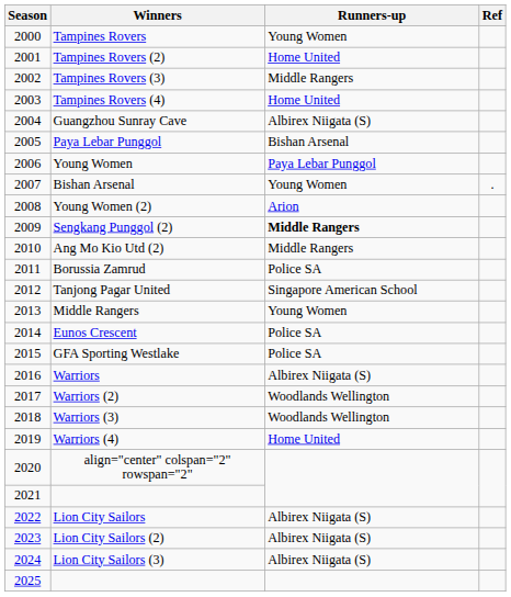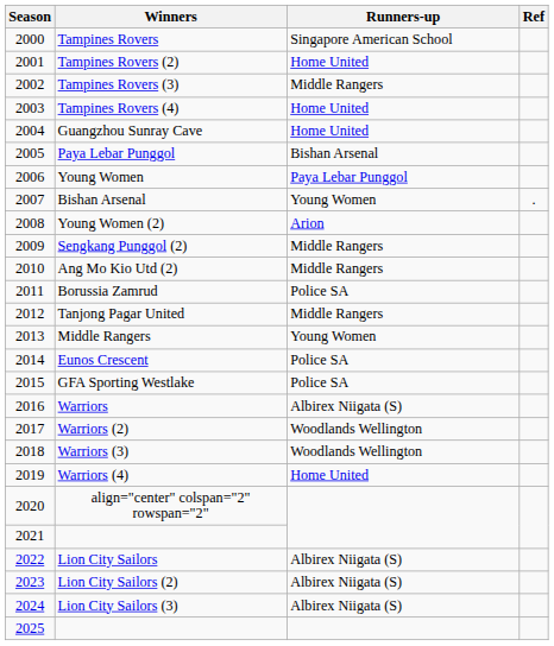 <table class="wikitable" style="text-align:center">
 <tr>
 <th width="35">Season</th>
 <th style="width:250px;">Winners</th>
 <th style="width:250px;">Runners-up</th>
 <th>Ref</th>
 </tr>
 <tr>
 <td>2000</td>
 <td align="left"><a href='#'>Tampines Rovers</a></td>
-<td align="left">Young Women</td>
+<td align="left">Singapore American School</td>
 <td></td>
 </tr>
 <tr>
 <td>2001</td>
 <td align="left"><a href='#'>Tampines Rovers</a> (2)</td>
 <td align="left"><a href='#'>Home United</a></td>
 <td></td>
 </tr>
 <tr>
 <td>2002</td>
 <td align="left"><a href='#'>Tampines Rovers</a> (3)</td>
 <td align="left">Middle Rangers</td>
 <td></td>
 </tr>
 <tr>
 <td>2003</td>
 <td align="left"><a href='#'>Tampines Rovers</a> (4)</td>
 <td align="left"><a href='#'>Home United</a></td>
 <td></td>
 </tr>
 <tr>
 <td>2004</td>
 <td align="left">Guangzhou Sunray Cave</td>
-<td align="left">Albirex Niigata (S)</td>
+<td align="left"><a href='#'>Home United</a></td>
 <td></td>
 </tr>
 <tr>
 <td>2005</td>
 <td align="left"><a href='#'>Paya Lebar Punggol</a></td>
 <td align="left">Bishan Arsenal</td>
 <td></td>
 </tr>
 <tr>
 <td>2006</td>
 <td align="left">Young Women</td>
 <td align="left"><a href='#'>Paya Lebar Punggol</a></td>
 <td></td>
 </tr>
 <tr>
 <td>2007</td>
 <td align="left">Bishan Arsenal</td>
 <td align="left">Young Women</td>
 <td>.</td>
 </tr>
 <tr>
 <td>2008</td>
 <td align="left">Young Women (2)</td>
 <td align="left"><a href='#'>Arion</a></td>
 <td></td>
 </tr>
 <tr>
 <td>2009</td>
 <td align="left"><a href='#'>Sengkang Punggol</a> (2)</td>
-<td align="left"><strong>Middle Rangers</strong></td>
+<td align="left">Middle Rangers</td>
 <td></td>
 </tr>
 <tr>
 <td>2010</td>
 <td align="left">Ang Mo Kio Utd (2)</td>
 <td align="left">Middle Rangers</td>
 <td></td>
 </tr>
 <tr>
 <td>2011</td>
 <td align="left">Borussia Zamrud</td>
 <td align="left">Police SA</td>
 <td></td>
 </tr>
 <tr>
 <td>2012</td>
 <td align="left">Tanjong Pagar United</td>
-<td align="left">Singapore American School</td>
+<td align="left">Middle Rangers</td>
 <td></td>
 </tr>
 <tr>
 <td>2013</td>
 <td align="left">Middle Rangers</td>
 <td align="left">Young Women</td>
 <td></td>
 </tr>
 <tr>
 <td>2014</td>
 <td align="left"><a href='#'>Eunos Crescent</a></td>
 <td align="left">Police SA</td>
 <td></td>
 </tr>
 <tr>
 <td>2015</td>
 <td align="left">GFA Sporting Westlake</td>
 <td align="left">Police SA</td>
 <td></td>
 </tr>
 <tr>
 <td>2016</td>
 <td align="left"><a href='#'>Warriors</a></td>
 <td align="left">Albirex Niigata (S)</td>
 <td></td>
 </tr>
 <tr>
 <td>2017</td>
 <td align="left"><a href='#'>Warriors</a> (2)</td>
 <td align="left">Woodlands Wellington</td>
 <td></td>
 </tr>
 <tr>
 <td>2018</td>
 <td align="left"><a href='#'>Warriors</a> (3)</td>
 <td align="left">Woodlands Wellington</td>
 <td></td>
 </tr>
 <tr>
 <td>2019</td>
 <td align="left"><a href='#'>Warriors</a> (4)</td>
 <td align="left"><a href='#'>Home United</a></td>
 <td></td>
 </tr>
 <tr>
 <td>2020</td>
 <td>align="center" colspan="2" rowspan="2" </td>
 <td rowspan="2"></td>
 </tr>
 <tr>
 <td>2021</td>
 </tr>
 <tr>
 <td><a href='#'>2022</a></td>
 <td align="left"><a href='#'>Lion City Sailors</a></td>
 <td align="left">Albirex Niigata (S)</td>
 <td></td>
 </tr>
 <tr>
 <td><a href='#'>2023</a></td>
 <td align="left"><a href='#'>Lion City Sailors</a> (2)</td>
 <td align="left">Albirex Niigata (S)</td>
 <td></td>
 </tr>
 <tr>
 <td><a href='#'>2024</a></td>
 <td align="left"><a href='#'>Lion City Sailors</a> (3)</td>
 <td align="left">Albirex Niigata (S)</td>
 <td></td>
 </tr>
 <tr>
 <td><a href='#'>2025</a></td>
 <td align="left"></td>
 <td align="left"></td>
 <td></td>
 </tr>
 </table>
